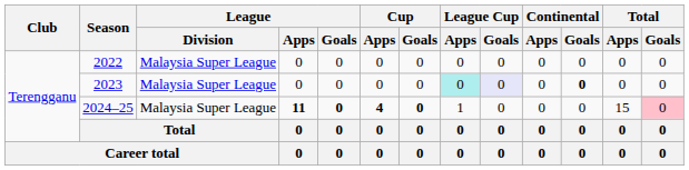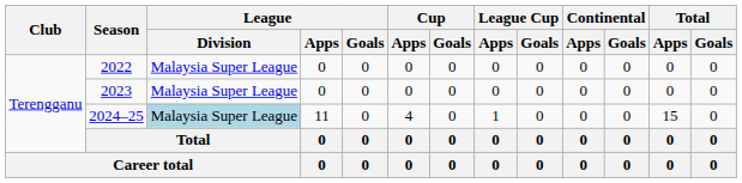 <table class=wikitable style="text-align:center">
 <tr>
 <th rowspan=2>Club</th>
 <th rowspan=2>Season</th>
 <th colspan=3>League</th>
 <th colspan=2>Cup</th>
 <th colspan=2>League Cup</th>
 <th colspan=2>Continental</th>
 <th colspan=2>Total</th>
 </tr>
 <tr>
 <th>Division</th>
 <th>Apps</th>
 <th>Goals</th>
 <th>Apps</th>
 <th>Goals</th>
 <th>Apps</th>
 <th>Goals</th>
 <th>Apps</th>
 <th>Goals</th>
 <th>Apps</th>
 <th>Goals</th>
 </tr>
 <tr>
 <td rowspan="4"><a href='#'>Terengganu</a></td>
 <td><a href='#'>2022</a></td>
 <td><a href='#'>Malaysia Super League</a></td>
 <td>0</td>
 <td>0</td>
 <td>0</td>
 <td>0</td>
 <td>0</td>
 <td>0</td>
 <td>0</td>
 <td>0</td>
 <td>0</td>
 <td>0</td>
 </tr>
 <tr>
 <td><a href='#'>2023</a></td>
 <td><a href='#'>Malaysia Super League</a></td>
 <td>0</td>
 <td>0</td>
 <td>0</td>
 <td>0</td>
-<td style="background: paleturquoise;">0</td>
-<td style="background: lavender;">0</td>
 <td>0</td>
-<td><strong>0</strong></td>
+<td>0</td>
+<td>0</td>
+<td>0</td>
 <td>0</td>
 <td>0</td>
 </tr>
 <tr>
 <td><a href='#'>2024–25</a></td>
-<td>Malaysia Super League</td>
-<td><strong>11</strong></td>
-<td><strong>0</strong></td>
-<td><strong>4</strong></td>
-<td><strong>0</strong></td>
+<td style="background: lightblue;">Malaysia Super League</td>
+<td>11</td>
+<td>0</td>
+<td>4</td>
+<td>0</td>
 <td>1</td>
 <td>0</td>
 <td>0</td>
 <td>0</td>
 <td>15</td>
-<td style="background: pink;">0</td>
+<td>0</td>
 </tr>
 <tr>
 <th colspan=2>Total</th>
 <th>0</th>
 <th>0</th>
 <th>0</th>
 <th>0</th>
 <th>0</th>
 <th>0</th>
 <th>0</th>
 <th>0</th>
 <th>0</th>
 <th>0</th>
 </tr>
 <tr>
 <th colspan=3>Career total</th>
 <th>0</th>
 <th>0</th>
 <th>0</th>
 <th>0</th>
 <th>0</th>
 <th>0</th>
 <th>0</th>
 <th>0</th>
 <th>0</th>
 <th>0</th>
 </tr>
 </table>
